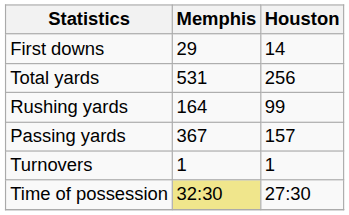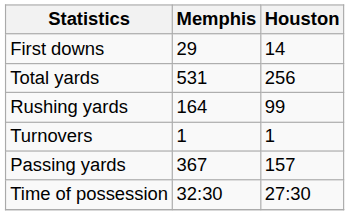 <table class="wikitable" style="float: right;">
 <tr>
 <th>Statistics</th>
 <th>Memphis</th>
 <th>Houston</th>
 </tr>
 <tr>
 <td>First downs</td>
 <td>29</td>
 <td>14</td>
 </tr>
 <tr>
 <td>Total yards</td>
 <td>531</td>
 <td>256</td>
 </tr>
 <tr>
 <td>Rushing yards</td>
 <td>164</td>
 <td>99</td>
 </tr>
 <tr>
+<td>Turnovers</td>
+<td>1</td>
+<td>1</td>
+</tr>
+<tr>
 <td>Passing yards</td>
 <td>367</td>
 <td>157</td>
 </tr>
 <tr>
-<td>Turnovers</td>
-<td>1</td>
-<td>1</td>
-</tr>
-<tr>
 <td>Time of possession</td>
-<td style="background: khaki;">32:30</td>
+<td>32:30</td>
 <td>27:30</td>
 </tr>
 <tr>
 </tr>
 </table>
